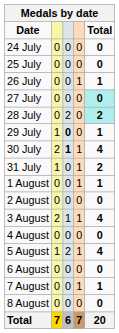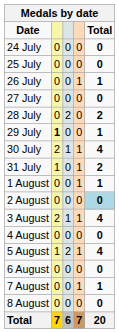 <table class="wikitable" style="text-align:center;font-size:90%">
 <tr style="background:#efefef;">
 <th colspan=7>Medals by date</th>
 </tr>
 <tr>
 <td><strong>Date</strong></td>
 <td bgcolor=#f7f6a8></td>
 <td bgcolor=#dce5e5></td>
 <td bgcolor=#ffdab9></td>
 <td><strong>Total</strong></td>
 </tr>
 <tr>
 <td style="text-align:left;">24 July</td>
 <td style="background:#F7F6A8;">0</td>
 <td style="background:#DCE5E5;">0</td>
 <td style="background:#FFDAB9;">0</td>
 <td><strong>0</strong></td>
 </tr>
 <tr>
 <td style="text-align:left;">25 July</td>
 <td style="background:#F7F6A8;">0</td>
 <td style="background:#DCE5E5;">0</td>
 <td style="background:#FFDAB9;">0</td>
 <td><strong>0</strong></td>
 </tr>
 <tr>
 <td style="text-align:left;">26 July</td>
 <td style="background:#F7F6A8;">0</td>
 <td style="background:#DCE5E5;">0</td>
 <td style="background:#FFDAB9;">1</td>
 <td><strong>1</strong></td>
 </tr>
 <tr>
 <td style="text-align:left;">27 July</td>
 <td style="background:#F7F6A8;">0</td>
 <td style="background:#DCE5E5;">0</td>
 <td style="background:#FFDAB9;">0</td>
-<td style="background: paleturquoise;"><strong>0</strong></td>
+<td><strong>0</strong></td>
 </tr>
 <tr>
 <td style="text-align:left;">28 July</td>
 <td style="background:#F7F6A8;">0</td>
 <td style="background:#DCE5E5;">2</td>
 <td style="background:#FFDAB9;">0</td>
-<td style="background: paleturquoise;"><strong>2</strong></td>
+<td><strong>2</strong></td>
 </tr>
 <tr>
 <td style="text-align:left;">29 July</td>
-<td style="background:#F7F6A8;">1</td>
-<td style="background:#DCE5E5;"><strong>0</strong></td>
+<td style="background:#F7F6A8;"><strong>1</strong></td>
+<td style="background:#DCE5E5;">0</td>
 <td style="background:#FFDAB9;">0</td>
 <td><strong>1</strong></td>
 </tr>
 <tr>
 <td style="text-align:left;">30 July</td>
 <td style="background:#F7F6A8;">2</td>
-<td style="background:#DCE5E5;"><strong>1</strong></td>
+<td style="background:#DCE5E5;">1</td>
 <td style="background:#FFDAB9;">1</td>
 <td><strong>4</strong></td>
 </tr>
 <tr>
 <td style="text-align:left;">31 July</td>
 <td style="background:#F7F6A8;">1</td>
 <td style="background:#DCE5E5;">0</td>
 <td style="background:#FFDAB9;">1</td>
 <td><strong>2</strong></td>
 </tr>
 <tr>
 <td style="text-align:left;">1 August</td>
 <td style="background:#F7F6A8;">0</td>
 <td style="background:#DCE5E5;">0</td>
 <td style="background:#FFDAB9;">1</td>
 <td><strong>1</strong></td>
 </tr>
 <tr>
 <td style="text-align:left;">2 August</td>
 <td style="background:#F7F6A8;">0</td>
 <td style="background:#DCE5E5;">0</td>
 <td style="background:#FFDAB9;">0</td>
-<td><strong>0</strong></td>
+<td style="background: lightblue;"><strong>0</strong></td>
 </tr>
 <tr>
 <td style="text-align:left;">3 August</td>
 <td style="background:#F7F6A8;">2</td>
 <td style="background:#DCE5E5;">1</td>
 <td style="background:#FFDAB9;">1</td>
 <td><strong>4</strong></td>
 </tr>
 <tr>
 <td style="text-align:left;">4 August</td>
 <td style="background:#F7F6A8;">0</td>
 <td style="background:#DCE5E5;">0</td>
 <td style="background:#FFDAB9;">0</td>
 <td><strong>0</strong></td>
 </tr>
 <tr>
 <td style="text-align:left;">5 August</td>
 <td style="background:#F7F6A8;">1</td>
 <td style="background:#DCE5E5;">2</td>
 <td style="background:#FFDAB9;">1</td>
 <td><strong>4</strong></td>
 </tr>
 <tr>
 <td style="text-align:left;">6 August</td>
 <td style="background:#F7F6A8;">0</td>
 <td style="background:#DCE5E5;">0</td>
 <td style="background:#FFDAB9;">0</td>
 <td><strong>0</strong></td>
 </tr>
 <tr>
 <td style="text-align:left;">7 August</td>
 <td style="background:#F7F6A8;">0</td>
 <td style="background:#DCE5E5;">0</td>
 <td style="background:#FFDAB9;">1</td>
 <td><strong>1</strong></td>
 </tr>
 <tr>
 <td style="text-align:left;">8 August</td>
 <td style="background:#F7F6A8;">0</td>
 <td style="background:#DCE5E5;">0</td>
 <td style="background:#FFDAB9;">0</td>
 <td><strong>0</strong></td>
 </tr>
 <tr>
 <th style="text-align:left;">Total</th>
 <th style="background:gold;">7</th>
 <th style="background:silver;">6</th>
 <th style="background:#c96;">7</th>
 <th><strong>20</strong></th>
 </tr>
 </table>
